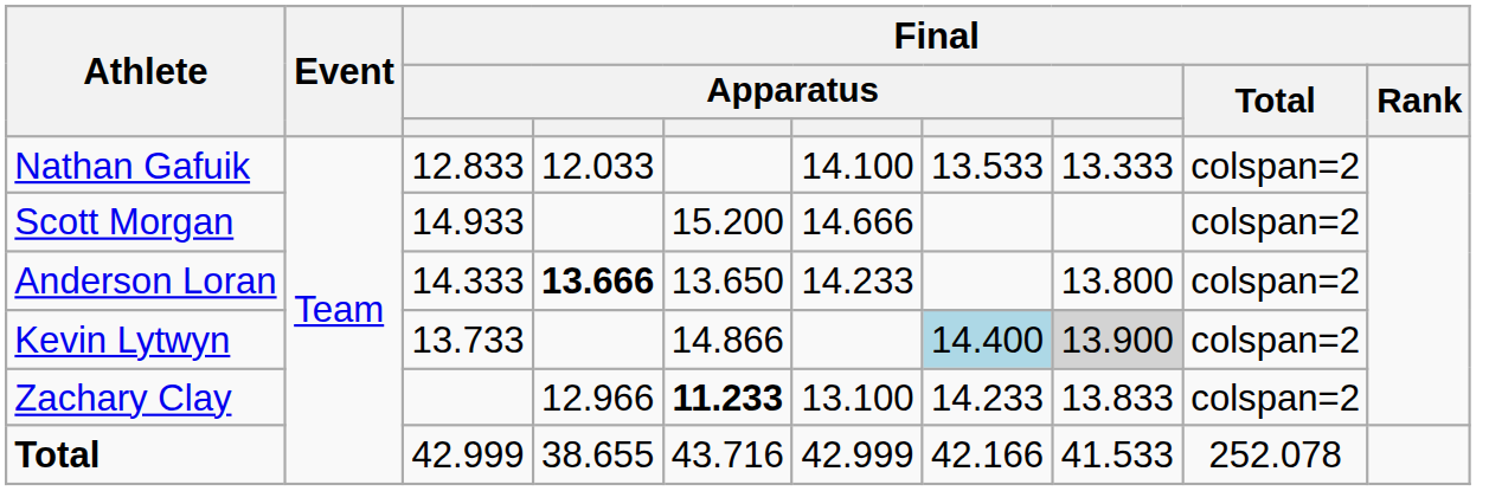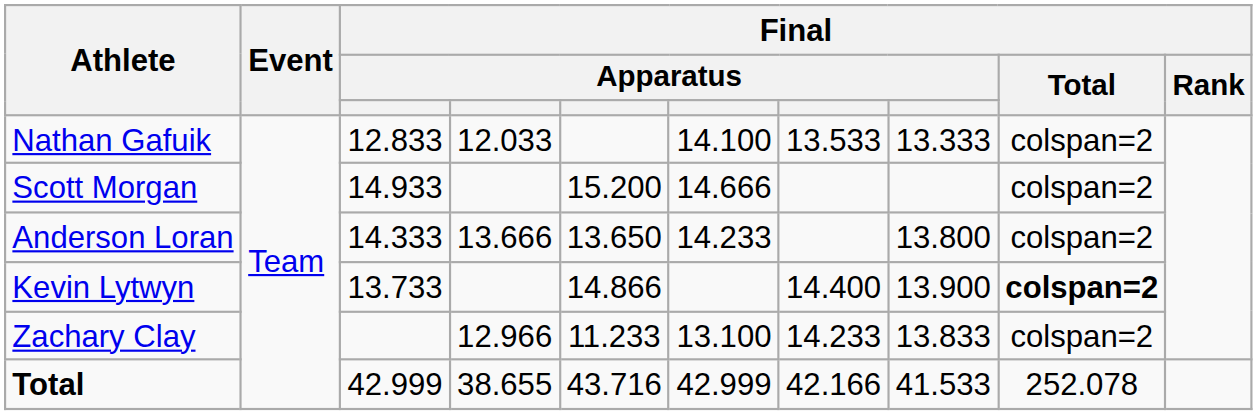 <table class="wikitable" style="font-size:90%">
 <tr>
 <th rowspan=3>Athlete</th>
 <th rowspan=3>Event</th>
 <th colspan=8>Final</th>
 </tr>
 <tr style="font-size:95%">
 <th colspan=6>Apparatus</th>
 <th rowspan=2>Total</th>
 <th rowspan=2>Rank</th>
 </tr>
 <tr style="font-size:95%">
 <th></th>
 <th></th>
 <th></th>
 <th></th>
 <th></th>
 <th></th>
 </tr>
 <tr align=center>
 <td align=left><a href='#'>Nathan Gafuik</a></td>
 <td align=left rowspan=6><a href='#'>Team</a></td>
 <td>12.833</td>
 <td>12.033</td>
 <td></td>
 <td>14.100</td>
 <td>13.533</td>
 <td>13.333</td>
 <td>colspan=2 </td>
 </tr>
 <tr align=center>
 <td align=left><a href='#'>Scott Morgan</a></td>
 <td>14.933</td>
 <td></td>
 <td>15.200</td>
 <td>14.666</td>
 <td></td>
 <td></td>
 <td>colspan=2 </td>
 </tr>
 <tr align=center>
 <td align=left><a href='#'>Anderson Loran</a></td>
 <td>14.333</td>
-<td><strong>13.666</strong></td>
+<td>13.666</td>
 <td>13.650</td>
 <td>14.233</td>
 <td></td>
 <td>13.800</td>
 <td>colspan=2 </td>
 </tr>
 <tr align=center>
 <td align=left><a href='#'>Kevin Lytwyn</a></td>
 <td>13.733</td>
 <td></td>
 <td>14.866</td>
 <td></td>
-<td style="background: lightblue;">14.400</td>
-<td style="background: lightgrey;">13.900</td>
-<td>colspan=2 </td>
+<td>14.400</td>
+<td>13.900</td>
+<td><strong>colspan=2 </strong></td>
 </tr>
 <tr align=center>
 <td align=left><a href='#'>Zachary Clay</a></td>
 <td></td>
 <td>12.966</td>
-<td><strong>11.233</strong></td>
+<td>11.233</td>
 <td>13.100</td>
 <td>14.233</td>
 <td>13.833</td>
 <td>colspan=2 </td>
 </tr>
 <tr align=center>
 <td align=left><strong>Total</strong></td>
 <td>42.999</td>
 <td>38.655</td>
 <td>43.716</td>
 <td>42.999</td>
 <td>42.166</td>
 <td>41.533</td>
 <td>252.078</td>
 <td></td>
 </tr>
 </table>
